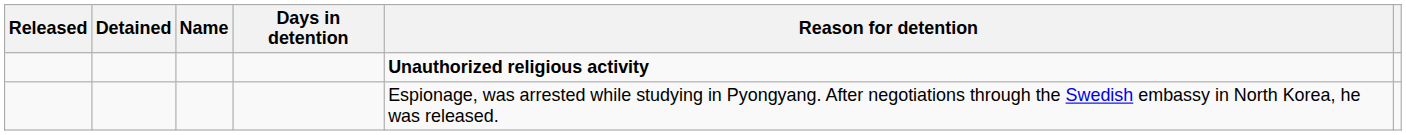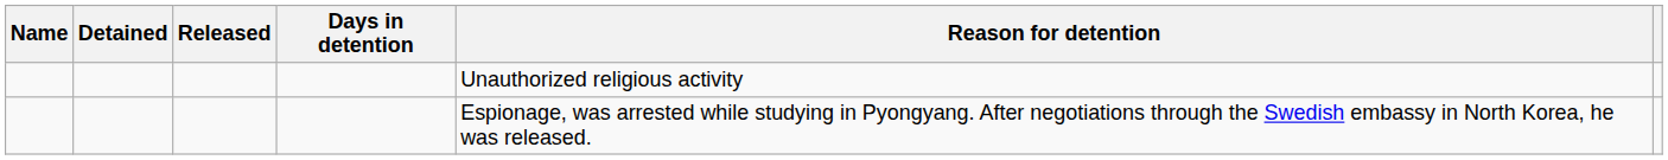 <table class="wikitable sortable">
 <tr>
+<th>Name</th>
+<th>Detained</th>
 <th>Released</th>
-<th>Detained</th>
-<th>Name</th>
 <th>Days in detention</th>
 <th>Reason for detention</th>
 <th class="unsortable"></th>
 </tr>
 <tr>
 <td></td>
 <td></td>
 <td></td>
 <td></td>
-<td><strong>Unauthorized religious activity</strong></td>
+<td>Unauthorized religious activity</td>
 <td align="center"></td>
 </tr>
 <tr>
 <td></td>
 <td></td>
 <td></td>
 <td></td>
 <td>Espionage, was arrested while studying in Pyongyang. After negotiations through the <a href='#'>Swedish</a> embassy in North Korea, he was released.</td>
 <td align="center"></td>
 </tr>
 </table>
